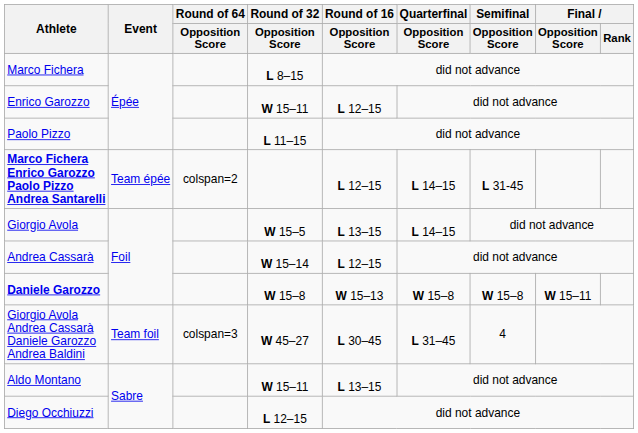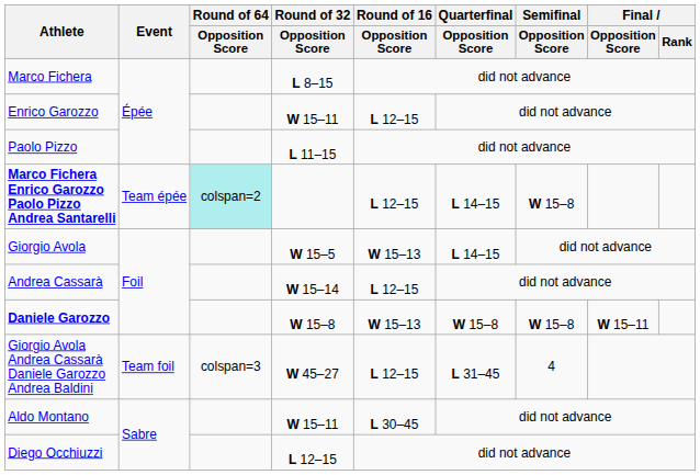 <table class="wikitable" style="font-size:90%">
 <tr>
 <th rowspan=2>Athlete</th>
 <th rowspan=2>Event</th>
 <th>Round of 64</th>
 <th>Round of 32</th>
 <th>Round of 16</th>
 <th>Quarterfinal</th>
 <th>Semifinal</th>
 <th colspan=2>Final / </th>
 </tr>
 <tr style="font-size:95%">
 <th>Opposition<br>Score</th>
 <th>Opposition<br>Score</th>
 <th>Opposition<br>Score</th>
 <th>Opposition<br>Score</th>
 <th>Opposition<br>Score</th>
 <th>Opposition<br>Score</th>
 <th>Rank</th>
 </tr>
 <tr align=center>
 <td align=left><a href='#'>Marco Fichera</a></td>
 <td align=left rowspan=3><a href='#'>Épée</a></td>
 <td></td>
 <td><br><strong>L</strong> 8–15</td>
 <td colspan=5>did not advance</td>
 </tr>
 <tr align=center>
 <td align=left><a href='#'>Enrico Garozzo</a></td>
 <td></td>
 <td><br><strong>W</strong> 15–11</td>
 <td><br><strong>L</strong> 12–15</td>
 <td colspan=4>did not advance</td>
 </tr>
 <tr align=center>
 <td align=left><a href='#'>Paolo Pizzo</a></td>
 <td></td>
 <td><br><strong>L</strong> 11–15</td>
 <td colspan=5>did not advance</td>
 </tr>
 <tr align=center>
 <td align=left><strong><a href='#'>Marco Fichera</a><br><a href='#'>Enrico Garozzo</a><br><a href='#'>Paolo Pizzo</a><br><a href='#'>Andrea Santarelli</a></strong></td>
 <td align=left><a href='#'>Team épée</a></td>
-<td>colspan=2 </td>
+<td style="background: paleturquoise;">colspan=2 </td>
 <td></td>
 <td><br><strong>L</strong> 12–15</td>
 <td><br><strong>L</strong> 14–15</td>
-<td><br><strong>L</strong> 31-45</td>
+<td><br><strong>W</strong> 15–8</td>
 <td></td>
 </tr>
 <tr align=center>
 <td align=left><a href='#'>Giorgio Avola</a></td>
 <td align=left rowspan=3><a href='#'>Foil</a></td>
 <td></td>
 <td><br><strong>W</strong> 15–5</td>
-<td><br><strong>L</strong> 13–15</td>
+<td><br><strong>W</strong> 15–13</td>
 <td><br><strong>L</strong> 14–15</td>
 <td colspan=3>did not advance</td>
 </tr>
 <tr align=center>
 <td align=left><a href='#'>Andrea Cassarà</a></td>
 <td></td>
 <td><br><strong>W</strong> 15–14</td>
 <td><br><strong>L</strong> 12–15</td>
 <td colspan=4>did not advance</td>
 </tr>
 <tr align=center>
 <td align=left><strong><a href='#'>Daniele Garozzo</a></strong></td>
 <td></td>
 <td><br><strong>W</strong> 15–8</td>
 <td><br><strong>W</strong> 15–13</td>
 <td><br><strong>W</strong> 15–8</td>
 <td><br><strong>W</strong> 15–8</td>
 <td><br><strong>W</strong> 15–11</td>
 <td></td>
 </tr>
 <tr align=center>
 <td align=left><a href='#'>Giorgio Avola</a><br><a href='#'>Andrea Cassarà</a><br><a href='#'>Daniele Garozzo</a><br><a href='#'>Andrea Baldini</a></td>
 <td align=left><a href='#'>Team foil</a></td>
 <td>colspan=3 </td>
 <td><br><strong>W</strong> 45–27</td>
-<td><br><strong>L</strong> 30–45</td>
+<td><br><strong>L</strong> 12–15</td>
 <td><br><strong>L</strong> 31–45</td>
 <td>4</td>
 </tr>
 <tr align=center>
 <td align=left><a href='#'>Aldo Montano</a></td>
 <td align=left rowspan=2><a href='#'>Sabre</a></td>
 <td></td>
 <td><br><strong>W</strong> 15–11</td>
-<td><br><strong>L</strong> 13–15</td>
+<td><br><strong>L</strong> 30–45</td>
 <td colspan=4>did not advance</td>
 </tr>
 <tr align=center>
 <td align=left><a href='#'>Diego Occhiuzzi</a></td>
 <td></td>
 <td><br><strong>L</strong> 12–15</td>
 <td colspan=5>did not advance</td>
 </tr>
 </table>
